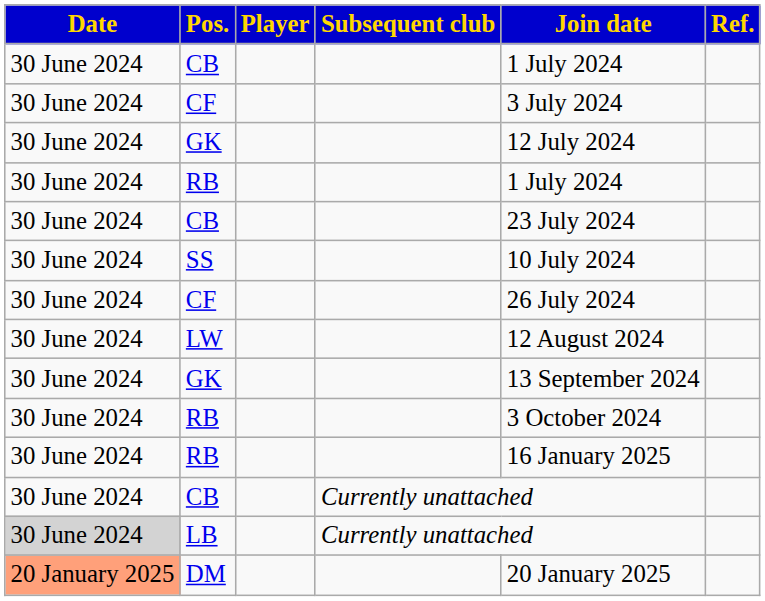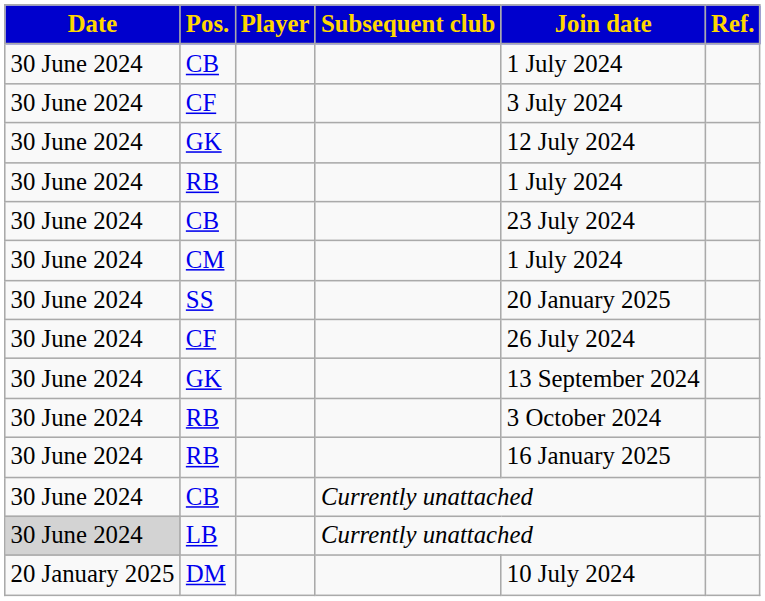 <table class="wikitable plainrowheaders sortable">
 <tr>
 <th style="background:mediumblue;color:gold;">Date</th>
 <th style="background:mediumblue;color:gold;">Pos.</th>
 <th style="background:mediumblue;color:gold;">Player</th>
 <th style="background:mediumblue;color:gold;">Subsequent club</th>
 <th style="background:mediumblue;color:gold;">Join date</th>
 <th style="background:mediumblue;color:gold;">Ref.</th>
 </tr>
 <tr>
 <td>30 June 2024</td>
 <td><a href='#'>CB</a></td>
 <td></td>
 <td></td>
 <td>1 July 2024</td>
 <td></td>
 </tr>
 <tr>
 <td>30 June 2024</td>
 <td><a href='#'>CF</a></td>
 <td></td>
 <td></td>
 <td>3 July 2024</td>
 <td></td>
 </tr>
 <tr>
 <td>30 June 2024</td>
 <td><a href='#'>GK</a></td>
 <td></td>
 <td></td>
 <td>12 July 2024</td>
 <td></td>
 </tr>
 <tr>
 <td>30 June 2024</td>
 <td><a href='#'>RB</a></td>
 <td></td>
 <td></td>
 <td>1 July 2024</td>
 <td></td>
 </tr>
 <tr>
 <td>30 June 2024</td>
 <td><a href='#'>CB</a></td>
 <td></td>
 <td></td>
 <td>23 July 2024</td>
 <td></td>
 </tr>
 <tr>
 <td>30 June 2024</td>
+<td><a href='#'>CM</a></td>
+<td></td>
+<td></td>
+<td>1 July 2024</td>
+<td></td>
+</tr>
+<tr>
+<td>30 June 2024</td>
 <td><a href='#'>SS</a></td>
 <td></td>
 <td></td>
-<td>10 July 2024</td>
+<td>20 January 2025</td>
 <td></td>
 </tr>
 <tr>
 <td>30 June 2024</td>
 <td><a href='#'>CF</a></td>
 <td></td>
 <td></td>
 <td>26 July 2024</td>
-<td></td>
-</tr>
-<tr>
-<td>30 June 2024</td>
-<td><a href='#'>LW</a></td>
-<td></td>
-<td></td>
-<td>12 August 2024</td>
 <td></td>
 </tr>
 <tr>
 <td>30 June 2024</td>
 <td><a href='#'>GK</a></td>
 <td></td>
 <td></td>
 <td>13 September 2024</td>
 <td></td>
 </tr>
 <tr>
 <td>30 June 2024</td>
 <td><a href='#'>RB</a></td>
 <td></td>
 <td></td>
 <td>3 October 2024</td>
 <td></td>
 </tr>
 <tr>
 <td>30 June 2024</td>
 <td><a href='#'>RB</a></td>
 <td></td>
 <td></td>
 <td>16 January 2025</td>
 <td></td>
 </tr>
 <tr>
 <td>30 June 2024</td>
 <td><a href='#'>CB</a></td>
 <td></td>
 <td colspan="2"><em>Currently unattached</em></td>
 <td></td>
 </tr>
 <tr>
 <td style="background: lightgrey;">30 June 2024</td>
 <td><a href='#'>LB</a></td>
 <td></td>
 <td colspan="2"><em>Currently unattached</em></td>
 <td></td>
 </tr>
 <tr>
-<td style="background: lightsalmon;">20 January 2025</td>
+<td>20 January 2025</td>
 <td><a href='#'>DM</a></td>
 <td></td>
 <td></td>
-<td>20 January 2025</td>
+<td>10 July 2024</td>
 <td></td>
 </tr>
 </table>
